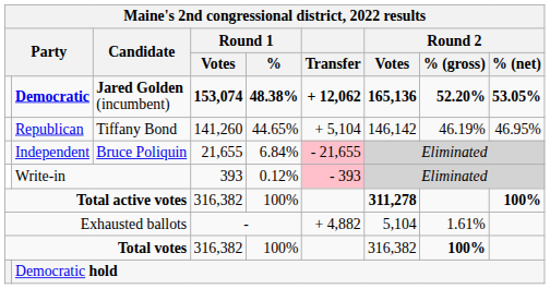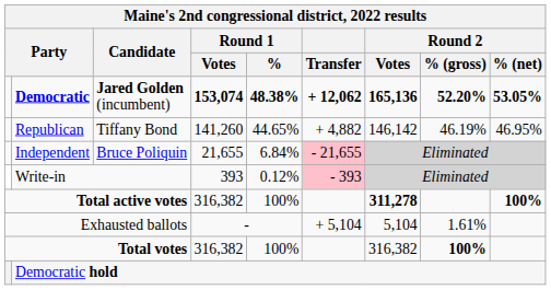 <table class="wikitable">
 <tr>
 <th colspan="12">Maine's 2nd congressional district, 2022 results</th>
 </tr>
 <tr>
 <th colspan="2" rowspan="2">Party</th>
 <th rowspan="2">Candidate</th>
 <th colspan="2">Round 1</th>
 <th></th>
 <th colspan="3">Round 2</th>
 </tr>
 <tr>
 <th>Votes</th>
 <th>%</th>
 <th>Transfer</th>
 <th>Votes</th>
 <th>% (gross)</th>
 <th>% (net)</th>
 </tr>
 <tr align=right>
 <td style="background-color:"></td>
 <td align=left><strong><a href='#'>Democratic</a></strong></td>
 <td align=left><strong>Jared Golden</strong><br>(incumbent)</td>
 <td><strong>153,074</strong></td>
 <td><strong>48.38%</strong></td>
 <td><strong>+ 12,062</strong></td>
 <td><strong>165,136</strong></td>
 <td><strong>52.20%</strong></td>
 <td><strong>53.05%</strong></td>
 </tr>
 <tr align=right>
 <td style="background-color:"></td>
 <td align=left><a href='#'>Republican</a></td>
 <td align=left>Tiffany Bond</td>
 <td>141,260</td>
 <td>44.65%</td>
-<td>+ 5,104</td>
+<td>+ 4,882</td>
 <td>146,142</td>
 <td>46.19%</td>
 <td>46.95%</td>
 </tr>
 <tr align=right>
 <td style="background-color:"></td>
 <td align=left><a href='#'>Independent</a></td>
 <td align=left><a href='#'>Bruce Poliquin</a></td>
 <td>21,655</td>
 <td>6.84%</td>
 <td BGCOLOR=pink>- 21,655</td>
 <td colspan=3 bgcolor=lightgray align=center><em>Eliminated</em></td>
 </tr>
 <tr align="right">
 <td style="background-color: #ffffff"></td>
 <td colspan=2 align=left>Write-in</td>
 <td>393</td>
 <td>0.12%</td>
 <td BGCOLOR=pink>- 393</td>
 <td colspan=3 bgcolor=lightgray align=center><em>Eliminated</em></td>
 </tr>
 <tr align="right">
 <td colspan="3" align="right"><strong>Total active votes</strong></td>
 <td>316,382</td>
 <td>100%</td>
 <td><br></td>
 <td><strong>311,278</strong></td>
 <td></td>
 <td><strong>100%</strong></td>
 </tr>
 <tr align="right">
 <td colspan="3">Exhausted ballots</td>
 <td colspan="2" align="center">-</td>
-<td>+ 4,882</td>
+<td>+ 5,104</td>
 <td>5,104</td>
 <td align="right">1.61%</td>
 <td></td>
 </tr>
 <tr align="right">
 <td colspan="3" align="right"><strong>Total votes</strong></td>
 <td>316,382</td>
 <td>100%</td>
 <td><br></td>
 <td>316,382</td>
 <td><strong>100%</strong></td>
 <td></td>
 </tr>
 <tr class="sortbottom" style="background:#f6f6f6;">
 <th style="background-color:"></th>
 <td style="text-align:left" colspan=8><a href='#'>Democratic</a> <strong>hold</strong></td>
 </tr>
 </table>
